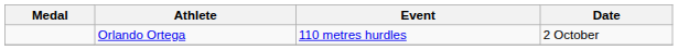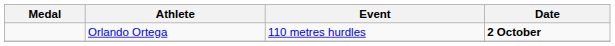 <table class="wikitable" style="font-size:90%" width=60%>
 <tr>
 <th>Medal</th>
 <th>Athlete</th>
 <th>Event</th>
 <th>Date</th>
 </tr>
 <tr>
 <td></td>
 <td><a href='#'>Orlando Ortega</a></td>
 <td><a href='#'>110 metres hurdles</a></td>
-<td>2 October</td>
+<td><strong>2 October</strong></td>
 </tr>
 <tr>
 </tr>
 </table>
